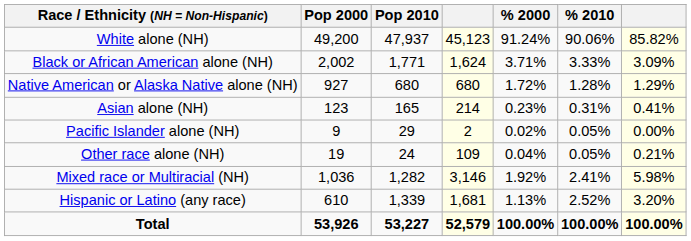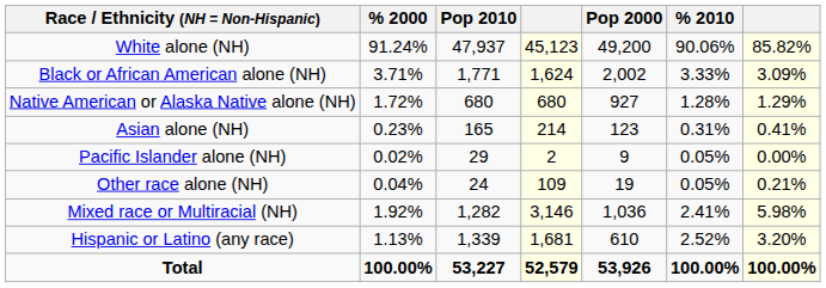 <table class="wikitable" style="text-align:center;">
 <tr>
 <th>Race / Ethnicity <small>(<em>NH = Non-Hispanic</em>)</small></th>
-<th>Pop 2000</th>
+<th>% 2000</th>
 <th>Pop 2010</th>
 <th></th>
-<th>% 2000</th>
+<th>Pop 2000</th>
 <th>% 2010</th>
 <th></th>
 </tr>
 <tr>
 <td><a href='#'>White</a> alone (NH)</td>
-<td>49,200</td>
+<td>91.24%</td>
 <td>47,937</td>
 <td style='background: #ffffe6;'>45,123</td>
-<td>91.24%</td>
+<td>49,200</td>
 <td>90.06%</td>
 <td style='background: #ffffe6;'>85.82%</td>
 </tr>
 <tr>
 <td><a href='#'>Black or African American</a> alone (NH)</td>
-<td>2,002</td>
+<td>3.71%</td>
 <td>1,771</td>
 <td style='background: #ffffe6;'>1,624</td>
-<td>3.71%</td>
+<td>2,002</td>
 <td>3.33%</td>
 <td style='background: #ffffe6;'>3.09%</td>
 </tr>
 <tr>
 <td><a href='#'>Native American</a> or <a href='#'>Alaska Native</a> alone (NH)</td>
-<td>927</td>
+<td>1.72%</td>
 <td>680</td>
 <td style='background: #ffffe6;'>680</td>
-<td>1.72%</td>
+<td>927</td>
 <td>1.28%</td>
 <td style='background: #ffffe6;'>1.29%</td>
 </tr>
 <tr>
 <td><a href='#'>Asian</a> alone (NH)</td>
-<td>123</td>
+<td>0.23%</td>
 <td>165</td>
 <td style='background: #ffffe6;'>214</td>
-<td>0.23%</td>
+<td>123</td>
 <td>0.31%</td>
 <td style='background: #ffffe6;'>0.41%</td>
 </tr>
 <tr>
 <td><a href='#'>Pacific Islander</a> alone (NH)</td>
-<td>9</td>
+<td>0.02%</td>
 <td>29</td>
 <td style='background: #ffffe6;'>2</td>
-<td>0.02%</td>
+<td>9</td>
 <td>0.05%</td>
 <td style='background: #ffffe6;'>0.00%</td>
 </tr>
 <tr>
 <td><a href='#'>Other race</a> alone (NH)</td>
-<td>19</td>
+<td>0.04%</td>
 <td>24</td>
 <td style='background: #ffffe6;'>109</td>
-<td>0.04%</td>
+<td>19</td>
 <td>0.05%</td>
 <td style='background: #ffffe6;'>0.21%</td>
 </tr>
 <tr>
 <td><a href='#'>Mixed race or Multiracial</a> (NH)</td>
-<td>1,036</td>
+<td>1.92%</td>
 <td>1,282</td>
 <td style='background: #ffffe6;'>3,146</td>
-<td>1.92%</td>
+<td>1,036</td>
 <td>2.41%</td>
 <td style='background: #ffffe6;'>5.98%</td>
 </tr>
 <tr>
 <td><a href='#'>Hispanic or Latino</a> (any race)</td>
-<td>610</td>
+<td>1.13%</td>
 <td>1,339</td>
 <td style='background: #ffffe6;'>1,681</td>
-<td>1.13%</td>
+<td>610</td>
 <td>2.52%</td>
 <td style='background: #ffffe6;'>3.20%</td>
 </tr>
 <tr>
 <td><strong>Total</strong></td>
-<td><strong>53,926</strong></td>
+<td><strong>100.00%</strong></td>
 <td><strong>53,227</strong></td>
 <td style='background: #ffffe6;'><strong>52,579</strong></td>
-<td><strong>100.00%</strong></td>
+<td><strong>53,926</strong></td>
 <td><strong>100.00%</strong></td>
 <td style='background: #ffffe6;'><strong>100.00%</strong></td>
 </tr>
 </table>
